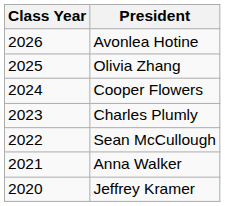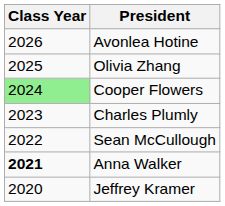 <table class="wikitable">
 <tr>
 <th>Class Year</th>
 <th>President</th>
 </tr>
 <tr>
 <td>2026</td>
 <td>Avonlea Hotine</td>
 </tr>
 <tr>
 <td>2025</td>
 <td>Olivia Zhang</td>
 </tr>
 <tr>
-<td>2024</td>
+<td style="background: lightgreen;">2024</td>
 <td>Cooper Flowers</td>
 </tr>
 <tr>
 <td>2023</td>
 <td>Charles Plumly</td>
 </tr>
 <tr>
 <td>2022</td>
 <td>Sean McCullough</td>
 </tr>
 <tr>
-<td>2021</td>
+<td><strong>2021</strong></td>
 <td>Anna Walker</td>
 </tr>
 <tr>
 <td>2020</td>
 <td>Jeffrey Kramer</td>
 </tr>
 </table>
